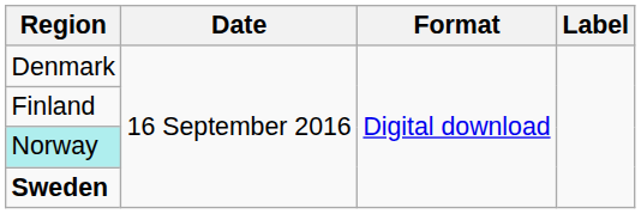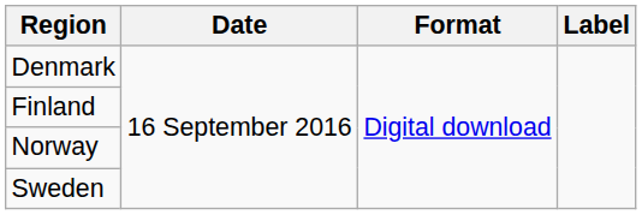 <table class=wikitable>
 <tr>
 <th>Region</th>
 <th>Date</th>
 <th>Format</th>
 <th>Label</th>
 </tr>
 <tr>
 <td>Denmark</td>
 <td rowspan="4">16 September 2016</td>
 <td rowspan="4"><a href='#'>Digital download</a></td>
 <td rowspan="4"></td>
 </tr>
 <tr>
 <td>Finland</td>
 </tr>
 <tr>
-<td style="background: paleturquoise;">Norway</td>
+<td>Norway</td>
 </tr>
 <tr>
-<td><strong>Sweden</strong></td>
+<td>Sweden</td>
 </tr>
 </table>
